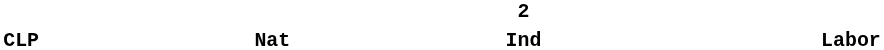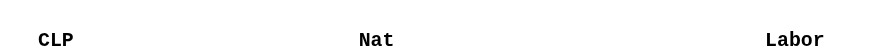 <table style="width:60%; text-align:center;">
 <tr style="color:white;">
 <td style="background:"><strong>16</strong></td>
 <td style="background:"><strong>1</strong></td>
-<td style="color:black; background:"><strong>2</strong></td>
 <td style="background:"><strong>6</strong></td>
 </tr>
 <tr>
 <td><span><strong>CLP</strong></span></td>
 <td><span><strong>Nat</strong></span></td>
-<td><span><strong>Ind</strong></span></td>
 <td><span><strong>Labor</strong></span></td>
 </tr>
 </table>
